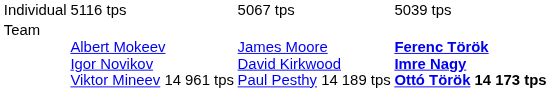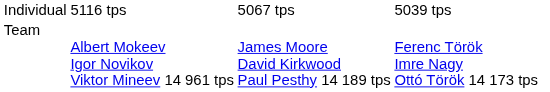 <table>
 <tr valign="top">
 <td>Individual <br> </td>
 <td> 5116 tps</td>
 <td> 5067 tps</td>
 <td> 5039 tps</td>
 </tr>
 <tr valign="top">
 <td>Team <br> </td>
 <td><br><a href='#'>Albert Mokeev</a><br><a href='#'>Igor Novikov</a><br><a href='#'>Viktor Mineev</a> 14 961 tps</td>
 <td><br><a href='#'>James Moore</a><br><a href='#'>David Kirkwood</a><br><a href='#'>Paul Pesthy</a> 14 189 tps</td>
-<td><strong><br><a href='#'>Ferenc Török</a><br><a href='#'>Imre Nagy</a><br><a href='#'>Ottó Török</a> 14 173 tps</strong></td>
+<td><br><a href='#'>Ferenc Török</a><br><a href='#'>Imre Nagy</a><br><a href='#'>Ottó Török</a> 14 173 tps</td>
 </tr>
 </table>
